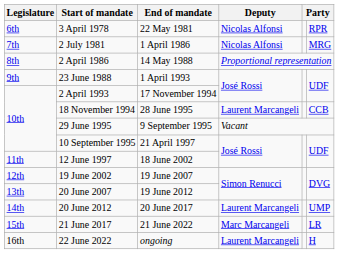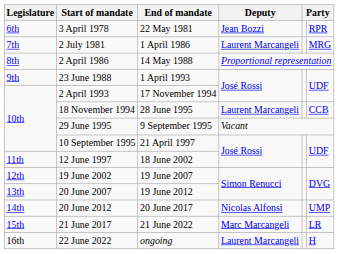 <table class="wikitable" style="font-size:95%;">
 <tr>
 <th>Legislature</th>
 <th>Start of mandate</th>
 <th>End of mandate</th>
 <th>Deputy</th>
 <th colspan="2">Party</th>
 </tr>
 <tr>
 <td><a href='#'>6th</a></td>
 <td>3 April 1978</td>
 <td>22 May 1981</td>
-<td><a href='#'>Nicolas Alfonsi</a></td>
+<td><a href='#'>Jean Bozzi</a></td>
 <td style="color:inherit;background:"></td>
 <td><a href='#'>RPR</a></td>
 </tr>
 <tr>
 <td><a href='#'>7th</a></td>
 <td>2 July 1981</td>
 <td>1 April 1986</td>
-<td><a href='#'>Nicolas Alfonsi</a></td>
+<td><a href='#'>Laurent Marcangeli</a></td>
 <td style="color:inherit;background:"></td>
 <td><a href='#'>MRG</a></td>
 </tr>
 <tr>
 <td><a href='#'>8th</a></td>
 <td>2 April 1986</td>
 <td>14 May 1988</td>
 <td colspan="3"><em><a href='#'>Proportional representation</a></em></td>
 </tr>
 <tr>
 <td><a href='#'>9th</a></td>
 <td>23 June 1988</td>
 <td>1 April 1993</td>
 <td rowspan="2"><a href='#'>José Rossi</a></td>
 <td rowspan="2" style="color:inherit;background:"></td>
 <td rowspan="2"><a href='#'>UDF</a></td>
 </tr>
 <tr>
 <td rowspan="4"><a href='#'>10th</a></td>
 <td>2 April 1993</td>
 <td>17 November 1994</td>
 </tr>
 <tr>
 <td>18 November 1994</td>
 <td>28 June 1995</td>
 <td><a href='#'>Laurent Marcangeli</a></td>
 <td style="color:inherit;background:"></td>
 <td><a href='#'>CCB</a></td>
 </tr>
 <tr>
 <td>29 June 1995</td>
 <td>9 September 1995</td>
 <td colspan="3"><em>Vacant</em></td>
 </tr>
 <tr>
 <td>10 September 1995</td>
 <td>21 April 1997</td>
 <td rowspan="2"><a href='#'>José Rossi</a></td>
 <td rowspan="2" style="color:inherit;background:"></td>
 <td rowspan="2"><a href='#'>UDF</a></td>
 </tr>
 <tr>
 <td><a href='#'>11th</a></td>
 <td>12 June 1997</td>
 <td>18 June 2002</td>
 </tr>
 <tr>
 <td><a href='#'>12th</a></td>
 <td>19 June 2002</td>
 <td>19 June 2007</td>
 <td rowspan="2"><a href='#'>Simon Renucci</a></td>
 <td rowspan="2" style="color:inherit;background:"></td>
 <td rowspan="2"><a href='#'>DVG</a></td>
 </tr>
 <tr>
 <td><a href='#'>13th</a></td>
 <td>20 June 2007</td>
 <td>19 June 2012</td>
 </tr>
 <tr>
 <td><a href='#'>14th</a></td>
 <td>20 June 2012</td>
 <td>20 June 2017</td>
-<td><a href='#'>Laurent Marcangeli</a></td>
+<td><a href='#'>Nicolas Alfonsi</a></td>
 <td style="color:inherit;background:"></td>
 <td><a href='#'>UMP</a></td>
 </tr>
 <tr>
 <td><a href='#'>15th</a></td>
 <td>21 June 2017</td>
 <td>21 June 2022</td>
 <td><a href='#'>Marc Marcangeli</a></td>
 <td style="color:inherit;background:"></td>
 <td><a href='#'>LR</a></td>
 </tr>
 <tr>
 <td>16th</td>
 <td>22 June 2022</td>
 <td><em>ongoing</em></td>
 <td><a href='#'>Laurent Marcangeli</a></td>
 <td style="color:inherit;background:"></td>
 <td><a href='#'>H</a></td>
 </tr>
 </table>
